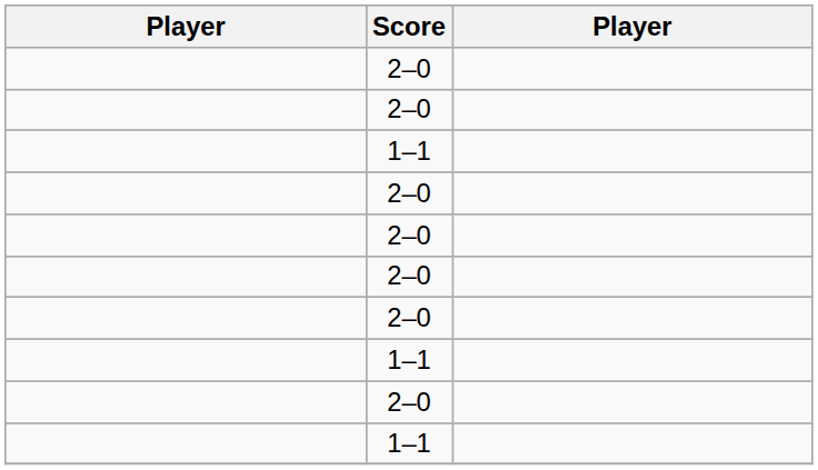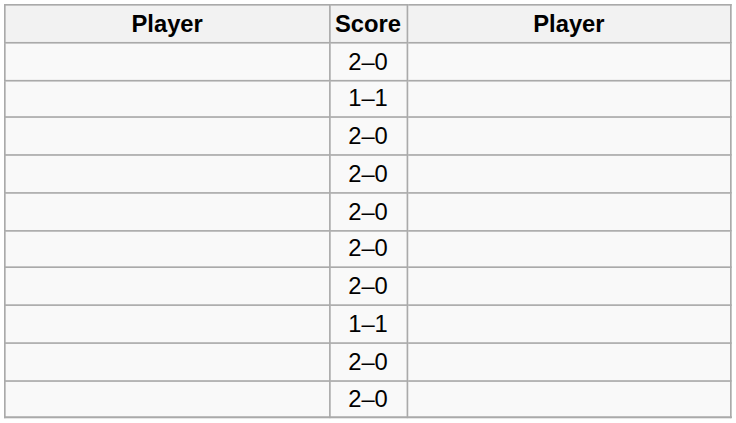 <table class="wikitable " style=font-size:90%>
 <tr>
 <th width=190>Player</th>
 <th>Score</th>
 <th width=190>Player</th>
 </tr>
 <tr>
 <td></td>
 <td style="text-align:center;">2–0</td>
 <td></td>
 </tr>
 <tr>
 <td></td>
-<td style="text-align:center;">2–0</td>
+<td style="text-align:center;">1–1</td>
 <td></td>
 </tr>
 <tr>
 <td></td>
-<td style="text-align:center;">1–1</td>
+<td style="text-align:center;">2–0</td>
 <td></td>
 </tr>
 <tr>
 <td></td>
 <td style="text-align:center;">2–0</td>
 <td></td>
 </tr>
 <tr>
 <td></td>
 <td style="text-align:center;">2–0</td>
 <td></td>
 </tr>
 <tr>
 <td></td>
 <td style="text-align:center;">2–0</td>
 <td></td>
 </tr>
 <tr>
 <td></td>
 <td style="text-align:center;">2–0</td>
 <td></td>
 </tr>
 <tr>
 <td></td>
 <td style="text-align:center;">1–1</td>
 <td></td>
 </tr>
 <tr>
 <td></td>
 <td style="text-align:center;">2–0</td>
 <td></td>
 </tr>
 <tr>
 <td></td>
-<td style="text-align:center;">1–1</td>
+<td style="text-align:center;">2–0</td>
 <td></td>
 </tr>
 <tr>
 </tr>
 </table>
